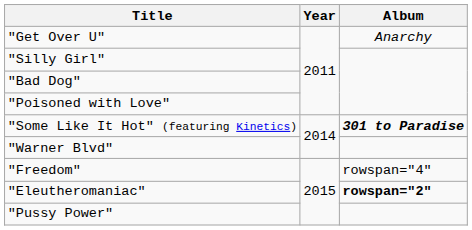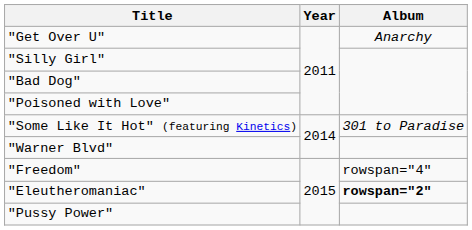 <table class="wikitable plainrowheaders">
 <tr>
 <th scope="col">Title</th>
 <th scope="col">Year</th>
 <th scope="col">Album</th>
 </tr>
 <tr>
 <td scope="row">"Get Over U"</td>
 <td rowspan="4">2011</td>
 <td align=center><em>Anarchy</em></td>
 </tr>
 <tr>
 <td scope="row">"Silly Girl"</td>
 </tr>
 <tr>
 <td scope="row">"Bad Dog"</td>
 </tr>
 <tr>
 <td scope="row">"Poisoned with Love"</td>
 </tr>
 <tr>
 <td scope="row">"Some Like It Hot" <small>(featuring <a href='#'>Kinetics</a>)</small></td>
 <td rowspan="2">2014</td>
-<td align=center><strong><em>301 to Paradise</em></strong></td>
+<td align=center><em>301 to Paradise</em></td>
 </tr>
 <tr>
 <td scope="row">"Warner Blvd"</td>
 <td></td>
 </tr>
 <tr>
 <td scope="row">"Freedom"</td>
 <td rowspan="3">2015</td>
 <td>rowspan="4" </td>
 </tr>
 <tr>
 <td scope="row">"Eleutheromaniac"</td>
 <td><strong>rowspan="2" </strong></td>
 </tr>
 <tr>
 <td scope="row">"Pussy Power"</td>
 </tr>
 </table>
